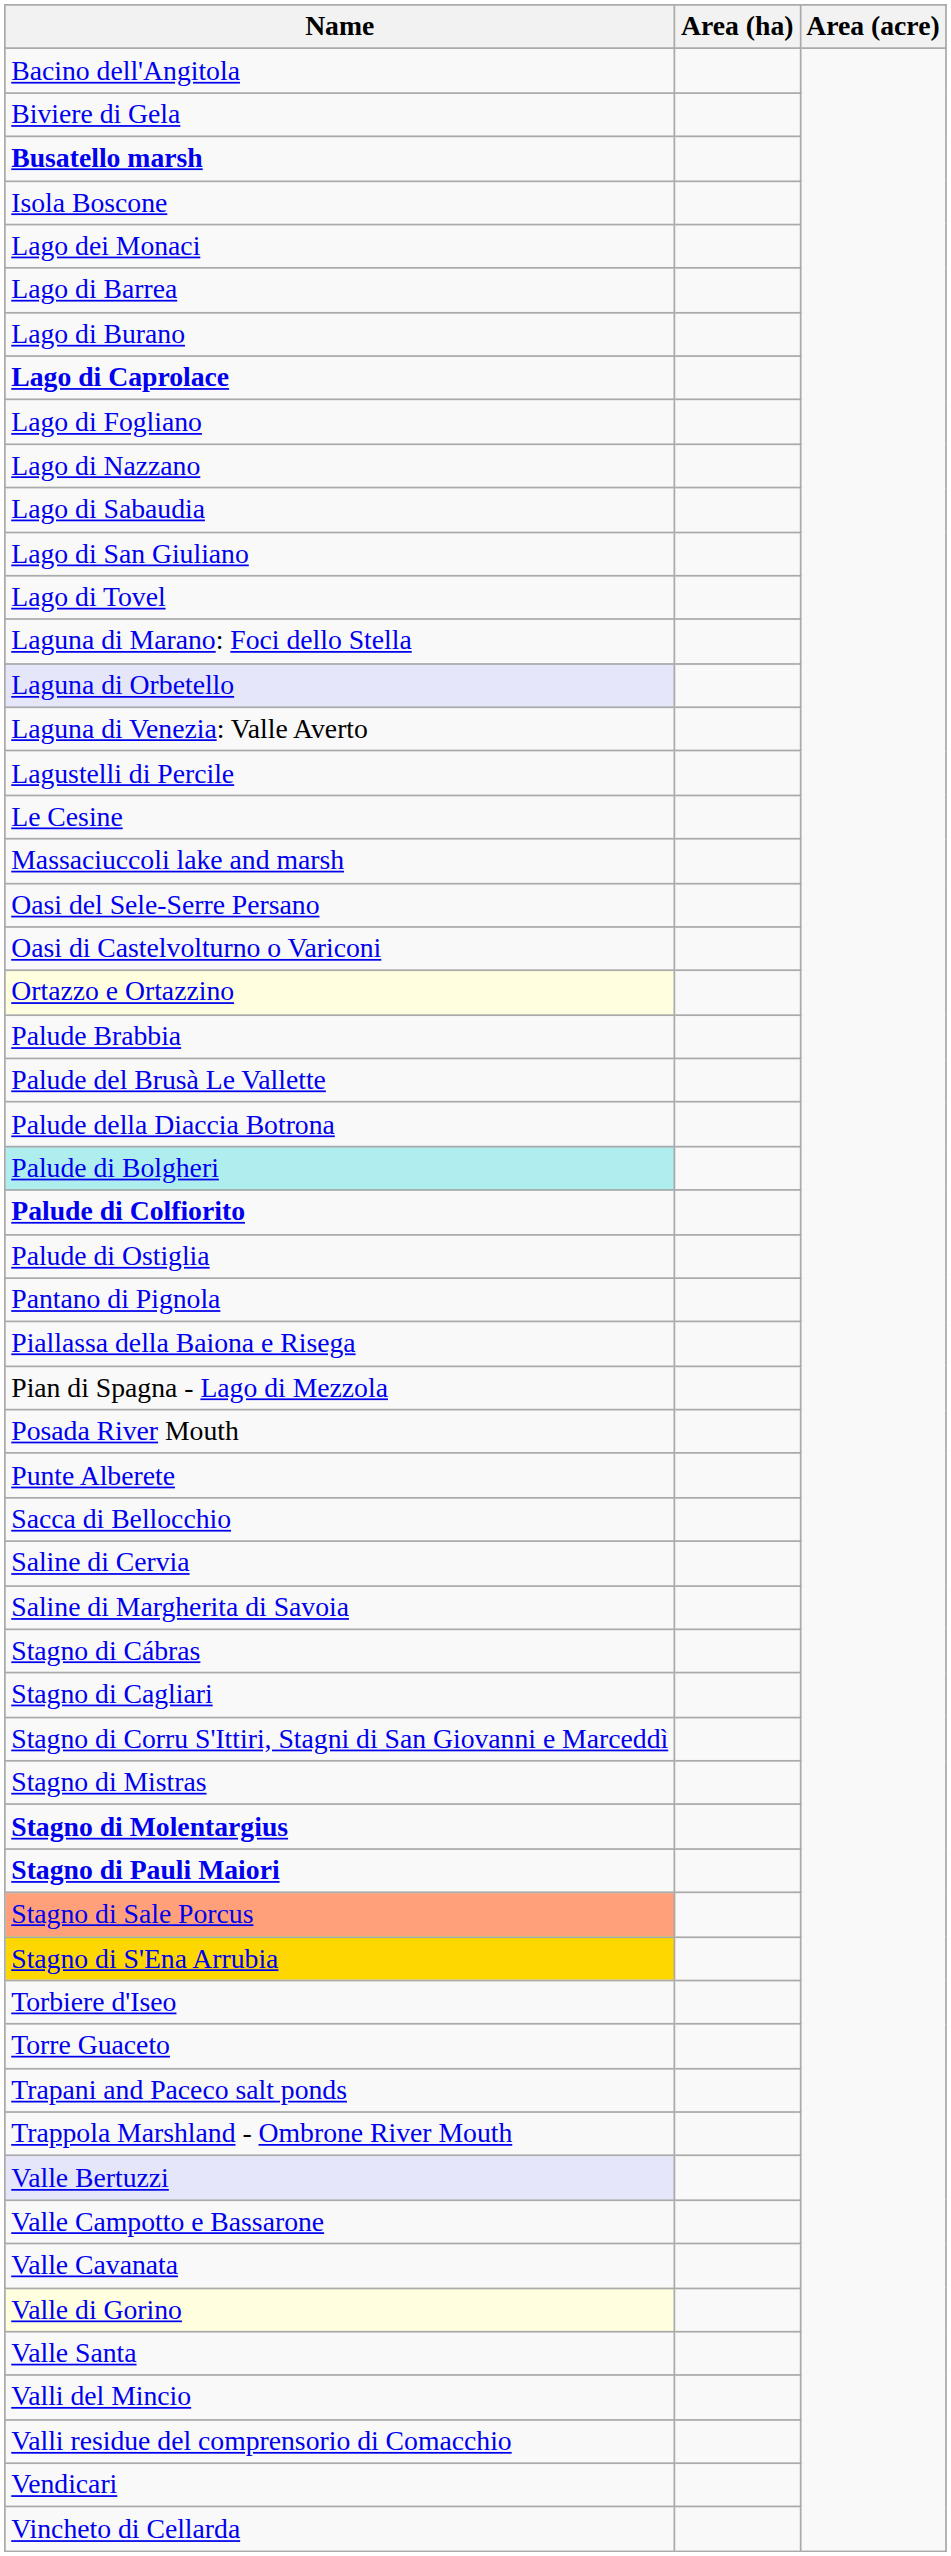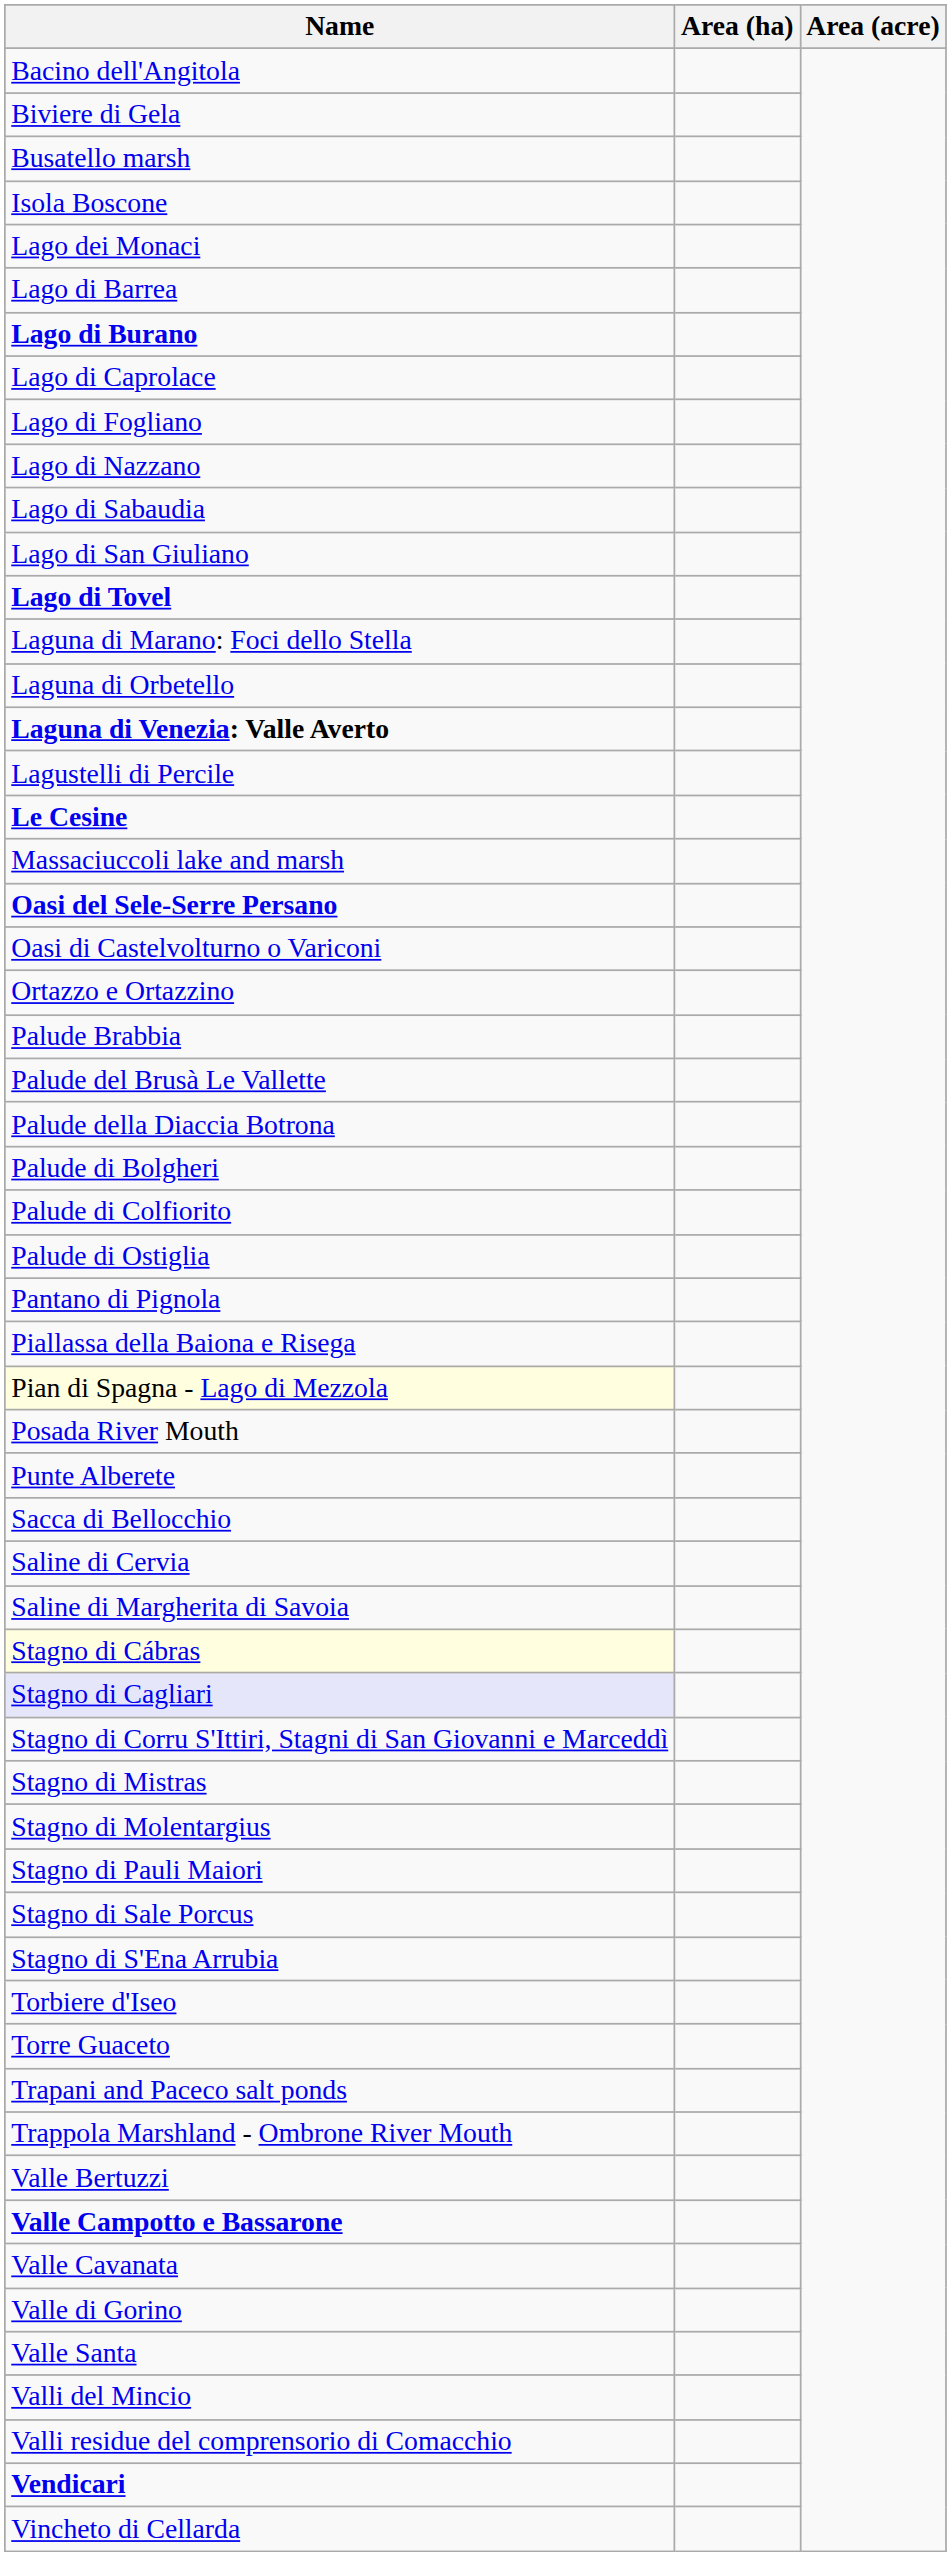 <table class="wikitable">
 <tr>
 <th scope="col" align=left>Name</th>
 <th scope="col">Area (ha)</th>
 <th scope="col">Area (acre)</th>
 </tr>
 <tr ---->
 <td><a href='#'>Bacino dell'Angitola</a></td>
 <td></td>
 </tr>
 <tr ---->
 <td><a href='#'>Biviere di Gela</a></td>
 <td></td>
 </tr>
 <tr ---->
-<td><strong><a href='#'>Busatello marsh</a></strong></td>
+<td><a href='#'>Busatello marsh</a></td>
 <td></td>
 </tr>
 <tr ---->
 <td><a href='#'>Isola Boscone</a></td>
 <td></td>
 </tr>
 <tr ---->
 <td><a href='#'>Lago dei Monaci</a></td>
 <td></td>
 </tr>
 <tr ---->
 <td><a href='#'>Lago di Barrea</a></td>
 <td></td>
 </tr>
 <tr ---->
-<td><a href='#'>Lago di Burano</a></td>
+<td><strong><a href='#'>Lago di Burano</a></strong></td>
 <td></td>
 </tr>
 <tr ---->
-<td><strong><a href='#'>Lago di Caprolace</a></strong></td>
+<td><a href='#'>Lago di Caprolace</a></td>
 <td></td>
 </tr>
 <tr ---->
 <td><a href='#'>Lago di Fogliano</a></td>
 <td></td>
 </tr>
 <tr ---->
 <td><a href='#'>Lago di Nazzano</a></td>
 <td></td>
 </tr>
 <tr ---->
 <td><a href='#'>Lago di Sabaudia</a></td>
 <td></td>
 </tr>
 <tr ---->
 <td><a href='#'>Lago di San Giuliano</a></td>
 <td></td>
 </tr>
 <tr ---->
-<td><a href='#'>Lago di Tovel</a></td>
+<td><strong><a href='#'>Lago di Tovel</a></strong></td>
 <td></td>
 </tr>
 <tr ---->
 <td><a href='#'>Laguna di Marano</a>: <a href='#'>Foci dello Stella</a></td>
 <td></td>
 </tr>
 <tr ---->
-<td style="background: lavender;"><a href='#'>Laguna di Orbetello</a></td>
+<td><a href='#'>Laguna di Orbetello</a></td>
 <td></td>
 </tr>
 <tr ---->
-<td><a href='#'>Laguna di Venezia</a>: Valle Averto</td>
+<td><strong><a href='#'>Laguna di Venezia</a>: Valle Averto</strong></td>
 <td></td>
 </tr>
 <tr ---->
 <td><a href='#'>Lagustelli di Percile</a></td>
 <td></td>
 </tr>
 <tr ---->
-<td><a href='#'>Le Cesine</a></td>
+<td><strong><a href='#'>Le Cesine</a></strong></td>
 <td></td>
 </tr>
 <tr ---->
 <td><a href='#'>Massaciuccoli lake and marsh</a></td>
 <td></td>
 </tr>
 <tr ---->
-<td><a href='#'>Oasi del Sele-Serre Persano</a></td>
+<td><strong><a href='#'>Oasi del Sele-Serre Persano</a></strong></td>
 <td></td>
 </tr>
 <tr ---->
 <td><a href='#'>Oasi di Castelvolturno o Variconi</a></td>
 <td></td>
 </tr>
 <tr ---->
-<td style="background: lightyellow;"><a href='#'>Ortazzo e Ortazzino</a></td>
+<td><a href='#'>Ortazzo e Ortazzino</a></td>
 <td></td>
 </tr>
 <tr ---->
 <td><a href='#'>Palude Brabbia</a></td>
 <td></td>
 </tr>
 <tr ---->
 <td><a href='#'>Palude del Brusà Le Vallette</a></td>
 <td></td>
 </tr>
 <tr ---->
 <td><a href='#'>Palude della Diaccia Botrona</a></td>
 <td></td>
 </tr>
 <tr ---->
-<td style="background: paleturquoise;"><a href='#'>Palude di Bolgheri</a></td>
+<td><a href='#'>Palude di Bolgheri</a></td>
 <td></td>
 </tr>
 <tr ---->
-<td><strong><a href='#'>Palude di Colfiorito</a></strong></td>
+<td><a href='#'>Palude di Colfiorito</a></td>
 <td></td>
 </tr>
 <tr ---->
 <td><a href='#'>Palude di Ostiglia</a></td>
 <td></td>
 </tr>
 <tr ---->
 <td><a href='#'>Pantano di Pignola</a></td>
 <td></td>
 </tr>
 <tr ---->
 <td><a href='#'>Piallassa della Baiona e Risega</a></td>
 <td></td>
 </tr>
 <tr ---->
-<td>Pian di Spagna - <a href='#'>Lago di Mezzola</a></td>
+<td style="background: lightyellow;">Pian di Spagna - <a href='#'>Lago di Mezzola</a></td>
 <td></td>
 </tr>
 <tr ---->
 <td><a href='#'>Posada River</a> Mouth</td>
 <td></td>
 </tr>
 <tr ---->
 <td><a href='#'>Punte Alberete</a></td>
 <td></td>
 </tr>
 <tr ---->
 <td><a href='#'>Sacca di Bellocchio</a></td>
 <td></td>
 </tr>
 <tr ---->
 <td><a href='#'>Saline di Cervia</a></td>
 <td></td>
 </tr>
 <tr ---->
 <td><a href='#'>Saline di Margherita di Savoia</a></td>
 <td></td>
 </tr>
 <tr ---->
-<td><a href='#'>Stagno di Cábras</a></td>
+<td style="background: lightyellow;"><a href='#'>Stagno di Cábras</a></td>
 <td></td>
 </tr>
 <tr ---->
-<td><a href='#'>Stagno di Cagliari</a></td>
+<td style="background: lavender;"><a href='#'>Stagno di Cagliari</a></td>
 <td></td>
 </tr>
 <tr ---->
 <td><a href='#'>Stagno di Corru S'Ittiri, Stagni di San Giovanni e Marceddì</a></td>
 <td></td>
 </tr>
 <tr ---->
 <td><a href='#'>Stagno di Mistras</a></td>
 <td></td>
 </tr>
 <tr ---->
-<td><strong><a href='#'>Stagno di Molentargius</a></strong></td>
+<td><a href='#'>Stagno di Molentargius</a></td>
 <td></td>
 </tr>
 <tr ---->
-<td><strong><a href='#'>Stagno di Pauli Maiori</a></strong></td>
+<td><a href='#'>Stagno di Pauli Maiori</a></td>
 <td></td>
 </tr>
 <tr ---->
-<td style="background: lightsalmon;"><a href='#'>Stagno di Sale Porcus</a></td>
+<td><a href='#'>Stagno di Sale Porcus</a></td>
 <td></td>
 </tr>
 <tr ---->
-<td style="background: gold;"><a href='#'>Stagno di S'Ena Arrubia</a></td>
+<td><a href='#'>Stagno di S'Ena Arrubia</a></td>
 <td></td>
 </tr>
 <tr ---->
 <td><a href='#'>Torbiere d'Iseo</a></td>
 <td></td>
 </tr>
 <tr ---->
 <td><a href='#'>Torre Guaceto</a></td>
 <td></td>
 </tr>
 <tr ---->
 <td><a href='#'>Trapani and Paceco salt ponds</a></td>
 <td></td>
 </tr>
 <tr ---->
 <td><a href='#'>Trappola Marshland</a> - <a href='#'>Ombrone River Mouth</a></td>
 <td></td>
 </tr>
 <tr ---->
-<td style="background: lavender;"><a href='#'>Valle Bertuzzi</a></td>
+<td><a href='#'>Valle Bertuzzi</a></td>
 <td></td>
 </tr>
 <tr ---->
-<td><a href='#'>Valle Campotto e Bassarone</a></td>
+<td><strong><a href='#'>Valle Campotto e Bassarone</a></strong></td>
 <td></td>
 </tr>
 <tr ---->
 <td><a href='#'>Valle Cavanata</a></td>
 <td></td>
 </tr>
 <tr ---->
-<td style="background: lightyellow;"><a href='#'>Valle di Gorino</a></td>
+<td><a href='#'>Valle di Gorino</a></td>
 <td></td>
 </tr>
 <tr ---->
 <td><a href='#'>Valle Santa</a></td>
 <td></td>
 </tr>
 <tr ---->
 <td><a href='#'>Valli del Mincio</a></td>
 <td></td>
 </tr>
 <tr ---->
 <td><a href='#'>Valli residue del comprensorio di Comacchio</a></td>
 <td></td>
 </tr>
 <tr ---->
-<td><a href='#'>Vendicari</a></td>
+<td><strong><a href='#'>Vendicari</a></strong></td>
 <td></td>
 </tr>
 <tr ---->
 <td><a href='#'>Vincheto di Cellarda</a></td>
 <td></td>
 </tr>
 </table>
